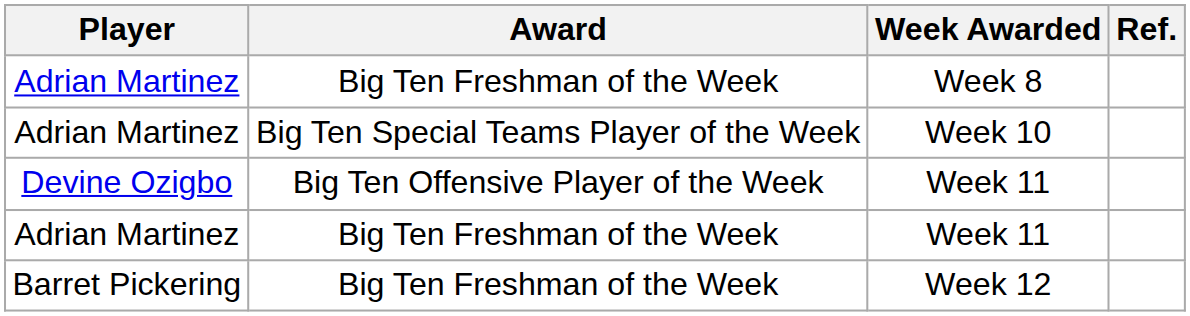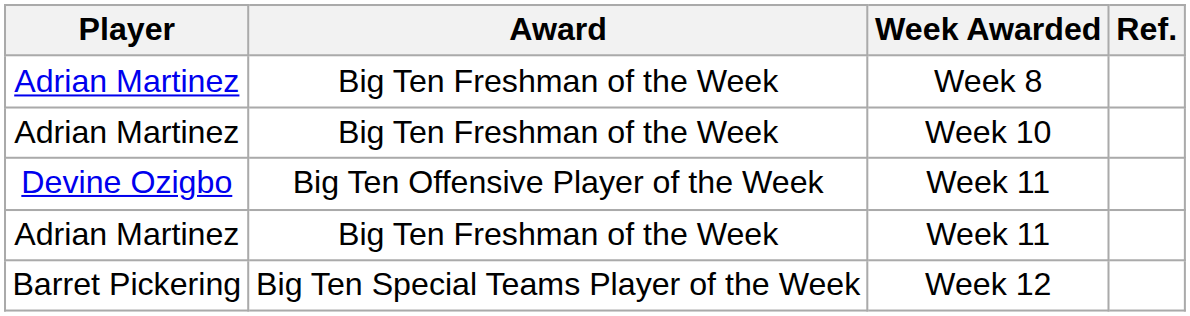 <table class="wikitable sortable sortable" style="text-align: center">
 <tr align=center>
 <th>Player</th>
 <th>Award</th>
 <th>Week Awarded</th>
 <th>Ref.</th>
 </tr>
 <tr>
 <td style="background:white"><a href='#'>Adrian Martinez</a></td>
 <td style="background:white">Big Ten Freshman of the Week</td>
 <td style="background:white">Week 8</td>
 <td style="background:white"></td>
 </tr>
 <tr>
 <td style="background:white">Adrian Martinez</td>
-<td style="background:white">Big Ten Special Teams Player of the Week</td>
+<td style="background:white">Big Ten Freshman of the Week</td>
 <td style="background:white">Week 10</td>
 <td style="background:white"></td>
 </tr>
 <tr>
 <td style="background:white"><a href='#'>Devine Ozigbo</a></td>
 <td style="background:white">Big Ten Offensive Player of the Week</td>
 <td style="background:white">Week 11</td>
 <td style="background:white"></td>
 </tr>
 <tr>
 <td style="background:white">Adrian Martinez</td>
 <td style="background:white">Big Ten Freshman of the Week</td>
 <td style="background:white">Week 11</td>
 <td style="background:white"></td>
 </tr>
 <tr>
 <td style="background:white">Barret Pickering</td>
-<td style="background:white">Big Ten Freshman of the Week</td>
+<td style="background:white">Big Ten Special Teams Player of the Week</td>
 <td style="background:white">Week 12</td>
 <td style="background:white"></td>
 </tr>
 </table>
